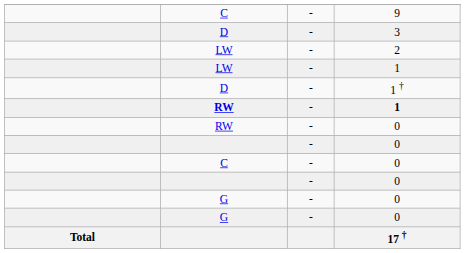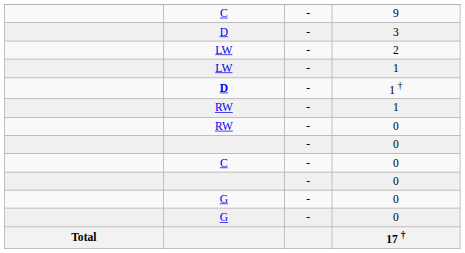 <table class="wikitable sortable" width ="40%">
 <tr align="center">
 </tr>
 <tr align="center" bgcolor="">
 <td></td>
 <td><a href='#'>C</a></td>
 <td>-</td>
 <td>9</td>
 </tr>
 <tr align="center" bgcolor="f0f0f0">
 <td></td>
 <td><a href='#'>D</a></td>
 <td>-</td>
 <td>3</td>
 </tr>
 <tr align="center" bgcolor="">
 <td></td>
 <td><a href='#'>LW</a></td>
 <td>-</td>
 <td>2</td>
 </tr>
 <tr align="center" bgcolor="f0f0f0">
 <td></td>
 <td><a href='#'>LW</a></td>
 <td>-</td>
 <td>1</td>
 </tr>
 <tr align="center" bgcolor="">
 <td></td>
-<td><a href='#'>D</a></td>
+<td><strong><a href='#'>D</a></strong></td>
 <td>-</td>
 <td>1 <sup>†</sup></td>
 </tr>
 <tr align="center" bgcolor="f0f0f0">
 <td></td>
-<td><strong><a href='#'>RW</a></strong></td>
+<td><a href='#'>RW</a></td>
 <td>-</td>
-<td><strong>1</strong></td>
+<td>1</td>
 </tr>
 <tr align="center" bgcolor="">
 <td></td>
 <td><a href='#'>RW</a></td>
 <td>-</td>
 <td>0</td>
 </tr>
 <tr align="center" bgcolor="f0f0f0">
 <td></td>
 <td></td>
 <td>-</td>
 <td>0</td>
 </tr>
 <tr align="center" bgcolor="">
 <td></td>
 <td><a href='#'>C</a></td>
 <td>-</td>
 <td>0</td>
 </tr>
 <tr align="center" bgcolor="f0f0f0">
 <td></td>
 <td></td>
 <td>-</td>
 <td>0</td>
 </tr>
 <tr align="center" bgcolor="">
 <td></td>
 <td><a href='#'>G</a></td>
 <td>-</td>
 <td>0</td>
 </tr>
 <tr align="center" bgcolor="f0f0f0">
 <td></td>
 <td><a href='#'>G</a></td>
 <td>-</td>
 <td>0</td>
 </tr>
 <tr align="center" bgcolor="">
 <th>Total</th>
 <th></th>
 <th></th>
 <th>17 <sup>†</sup></th>
 </tr>
 </table>
